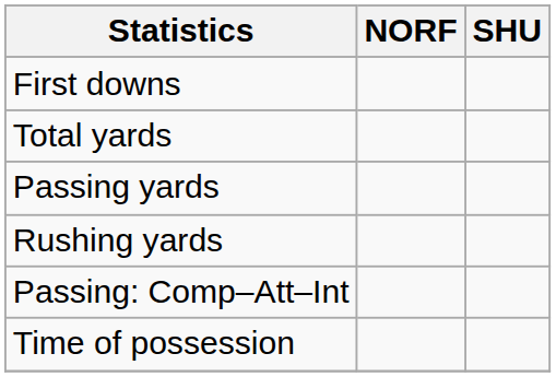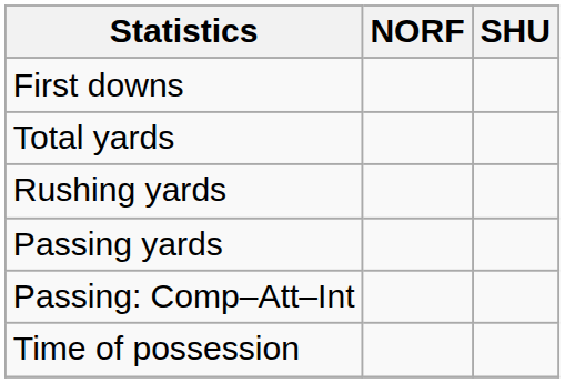 <table class="wikitable" style="float: left;">
 <tr>
 <th>Statistics</th>
 <th>NORF</th>
 <th>SHU</th>
 </tr>
 <tr>
 <td>First downs</td>
 <td></td>
 <td></td>
 </tr>
 <tr>
 <td>Total yards</td>
 <td></td>
 <td></td>
 </tr>
 <tr>
-<td>Passing yards</td>
+<td>Rushing yards</td>
 <td></td>
 <td></td>
 </tr>
 <tr>
-<td>Rushing yards</td>
+<td>Passing yards</td>
 <td></td>
 <td></td>
 </tr>
 <tr>
 <td>Passing: Comp–Att–Int</td>
 <td></td>
 <td></td>
 </tr>
 <tr>
 <td>Time of possession</td>
 <td></td>
 <td></td>
 </tr>
 <tr>
 </tr>
 </table>
